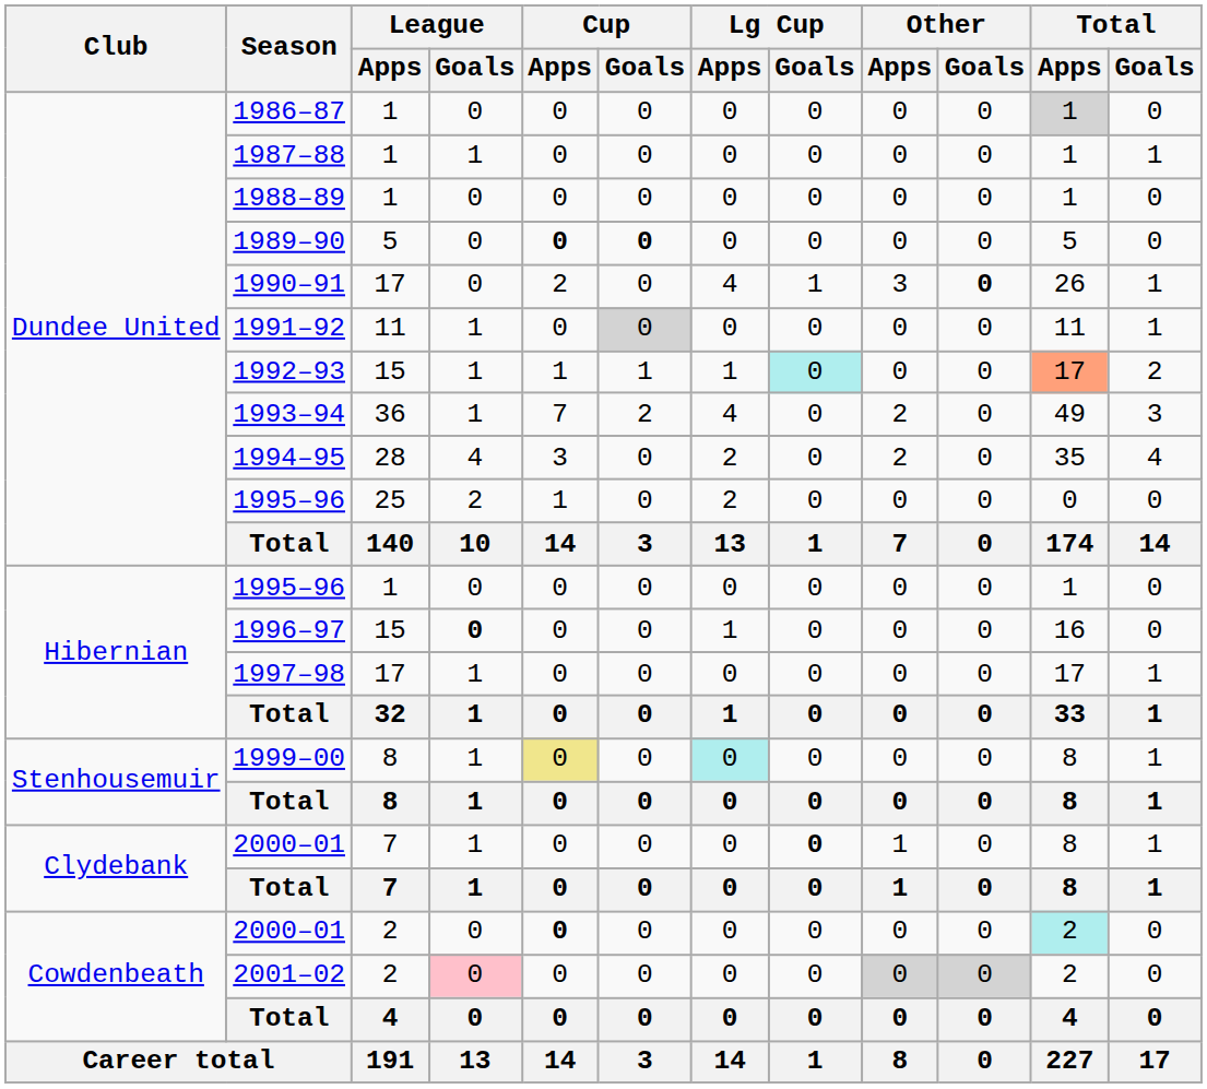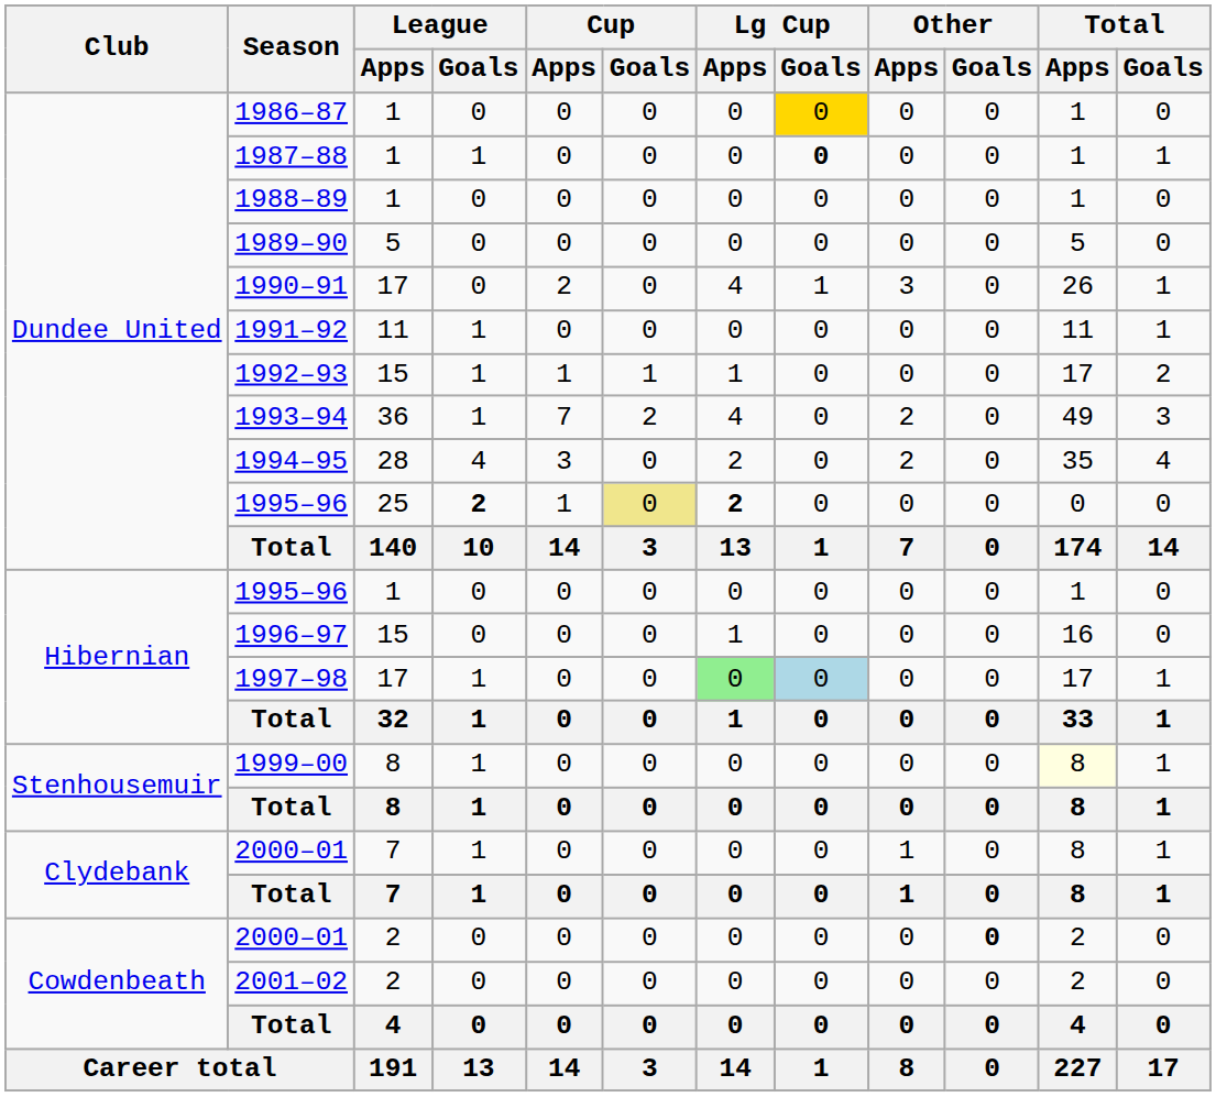 <table class="wikitable" style="font-size:95%; text-align:center">
 <tr>
 <th rowspan="2">Club</th>
 <th rowspan="2">Season</th>
 <th colspan="2">League</th>
 <th colspan="2">Cup</th>
 <th colspan="2">Lg Cup</th>
 <th colspan="2">Other</th>
 <th colspan="2">Total</th>
 </tr>
 <tr>
 <th>Apps</th>
 <th>Goals</th>
 <th>Apps</th>
 <th>Goals</th>
 <th>Apps</th>
 <th>Goals</th>
 <th>Apps</th>
 <th>Goals</th>
 <th>Apps</th>
 <th>Goals</th>
 </tr>
 <tr>
 <td rowspan="11"><a href='#'>Dundee United</a></td>
 <td><a href='#'>1986–87</a></td>
 <td>1</td>
 <td>0</td>
 <td>0</td>
 <td>0</td>
 <td>0</td>
+<td style="background: gold;">0</td>
 <td>0</td>
 <td>0</td>
-<td>0</td>
-<td style="background: lightgrey;">1</td>
+<td>1</td>
 <td>0</td>
 </tr>
 <tr>
 <td><a href='#'>1987–88</a></td>
 <td>1</td>
 <td>1</td>
 <td>0</td>
 <td>0</td>
 <td>0</td>
-<td>0</td>
+<td><strong>0</strong></td>
 <td>0</td>
 <td>0</td>
 <td>1</td>
 <td>1</td>
 </tr>
 <tr>
 <td><a href='#'>1988–89</a></td>
 <td>1</td>
 <td>0</td>
 <td>0</td>
 <td>0</td>
 <td>0</td>
 <td>0</td>
 <td>0</td>
 <td>0</td>
 <td>1</td>
 <td>0</td>
 </tr>
 <tr>
 <td><a href='#'>1989–90</a></td>
 <td>5</td>
 <td>0</td>
-<td><strong>0</strong></td>
-<td><strong>0</strong></td>
+<td>0</td>
+<td>0</td>
 <td>0</td>
 <td>0</td>
 <td>0</td>
 <td>0</td>
 <td>5</td>
 <td>0</td>
 </tr>
 <tr>
 <td><a href='#'>1990–91</a></td>
 <td>17</td>
 <td>0</td>
 <td>2</td>
 <td>0</td>
 <td>4</td>
 <td>1</td>
 <td>3</td>
-<td><strong>0</strong></td>
+<td>0</td>
 <td>26</td>
 <td>1</td>
 </tr>
 <tr>
 <td><a href='#'>1991–92</a></td>
 <td>11</td>
 <td>1</td>
 <td>0</td>
-<td style="background: lightgrey;">0</td>
+<td>0</td>
 <td>0</td>
 <td>0</td>
 <td>0</td>
 <td>0</td>
 <td>11</td>
 <td>1</td>
 </tr>
 <tr>
 <td><a href='#'>1992–93</a></td>
 <td>15</td>
 <td>1</td>
 <td>1</td>
 <td>1</td>
 <td>1</td>
-<td style="background: paleturquoise;">0</td>
 <td>0</td>
 <td>0</td>
-<td style="background: lightsalmon;">17</td>
+<td>0</td>
+<td>17</td>
 <td>2</td>
 </tr>
 <tr>
 <td><a href='#'>1993–94</a></td>
 <td>36</td>
 <td>1</td>
 <td>7</td>
 <td>2</td>
 <td>4</td>
 <td>0</td>
 <td>2</td>
 <td>0</td>
 <td>49</td>
 <td>3</td>
 </tr>
 <tr>
 <td><a href='#'>1994–95</a></td>
 <td>28</td>
 <td>4</td>
 <td>3</td>
 <td>0</td>
 <td>2</td>
 <td>0</td>
 <td>2</td>
 <td>0</td>
 <td>35</td>
 <td>4</td>
 </tr>
 <tr>
 <td><a href='#'>1995–96</a></td>
 <td>25</td>
-<td>2</td>
+<td><strong>2</strong></td>
 <td>1</td>
-<td>0</td>
-<td>2</td>
+<td style="background: khaki;">0</td>
+<td><strong>2</strong></td>
 <td>0</td>
 <td>0</td>
 <td>0</td>
 <td>0</td>
 <td>0</td>
 </tr>
 <tr>
 <th>Total</th>
 <th>140</th>
 <th>10</th>
 <th>14</th>
 <th>3</th>
 <th>13</th>
 <th>1</th>
 <th>7</th>
 <th>0</th>
 <th>174</th>
 <th>14</th>
 </tr>
 <tr>
 <td rowspan="4"><a href='#'>Hibernian</a></td>
 <td><a href='#'>1995–96</a></td>
 <td>1</td>
 <td>0</td>
 <td>0</td>
 <td>0</td>
 <td>0</td>
 <td>0</td>
 <td>0</td>
 <td>0</td>
 <td>1</td>
 <td>0</td>
 </tr>
 <tr>
 <td><a href='#'>1996–97</a></td>
 <td>15</td>
-<td><strong>0</strong></td>
+<td>0</td>
 <td>0</td>
 <td>0</td>
 <td>1</td>
 <td>0</td>
 <td>0</td>
 <td>0</td>
 <td>16</td>
 <td>0</td>
 </tr>
 <tr>
 <td><a href='#'>1997–98</a></td>
 <td>17</td>
 <td>1</td>
 <td>0</td>
 <td>0</td>
-<td>0</td>
-<td>0</td>
+<td style="background: lightgreen;">0</td>
+<td style="background: lightblue;">0</td>
 <td>0</td>
 <td>0</td>
 <td>17</td>
 <td>1</td>
 </tr>
 <tr>
 <th>Total</th>
 <th>32</th>
 <th>1</th>
 <th>0</th>
 <th>0</th>
 <th>1</th>
 <th>0</th>
 <th>0</th>
 <th>0</th>
 <th>33</th>
 <th>1</th>
 </tr>
 <tr>
 <td rowspan="2"><a href='#'>Stenhousemuir</a></td>
 <td><a href='#'>1999–00</a></td>
 <td>8</td>
 <td>1</td>
-<td style="background: khaki;">0</td>
-<td>0</td>
-<td style="background: paleturquoise;">0</td>
 <td>0</td>
 <td>0</td>
 <td>0</td>
-<td>8</td>
+<td>0</td>
+<td>0</td>
+<td>0</td>
+<td style="background: lightyellow;">8</td>
 <td>1</td>
 </tr>
 <tr>
 <th>Total</th>
 <th>8</th>
 <th>1</th>
 <th>0</th>
 <th>0</th>
 <th>0</th>
 <th>0</th>
 <th>0</th>
 <th>0</th>
 <th>8</th>
 <th>1</th>
 </tr>
 <tr>
 <td rowspan="2"><a href='#'>Clydebank</a></td>
 <td><a href='#'>2000–01</a></td>
 <td>7</td>
 <td>1</td>
 <td>0</td>
 <td>0</td>
 <td>0</td>
-<td><strong>0</strong></td>
+<td>0</td>
 <td>1</td>
 <td>0</td>
 <td>8</td>
 <td>1</td>
 </tr>
 <tr>
 <th>Total</th>
 <th>7</th>
 <th>1</th>
 <th>0</th>
 <th>0</th>
 <th>0</th>
 <th>0</th>
 <th>1</th>
 <th>0</th>
 <th>8</th>
 <th>1</th>
 </tr>
 <tr>
 <td rowspan="3"><a href='#'>Cowdenbeath</a></td>
 <td><a href='#'>2000–01</a></td>
 <td>2</td>
 <td>0</td>
-<td><strong>0</strong></td>
 <td>0</td>
 <td>0</td>
 <td>0</td>
 <td>0</td>
 <td>0</td>
-<td style="background: paleturquoise;">2</td>
+<td><strong>0</strong></td>
+<td>2</td>
 <td>0</td>
 </tr>
 <tr>
 <td><a href='#'>2001–02</a></td>
 <td>2</td>
-<td style="background: pink;">0</td>
 <td>0</td>
 <td>0</td>
 <td>0</td>
 <td>0</td>
-<td style="background: lightgrey;">0</td>
-<td style="background: lightgrey;">0</td>
+<td>0</td>
+<td>0</td>
+<td>0</td>
 <td>2</td>
 <td>0</td>
 </tr>
 <tr>
 <th>Total</th>
 <th>4</th>
 <th>0</th>
 <th>0</th>
 <th>0</th>
 <th>0</th>
 <th>0</th>
 <th>0</th>
 <th>0</th>
 <th>4</th>
 <th>0</th>
 </tr>
 <tr>
 <th colspan="2">Career total</th>
 <th>191</th>
 <th>13</th>
 <th>14</th>
 <th>3</th>
 <th>14</th>
 <th>1</th>
 <th>8</th>
 <th>0</th>
 <th>227</th>
 <th>17</th>
 </tr>
 </table>
